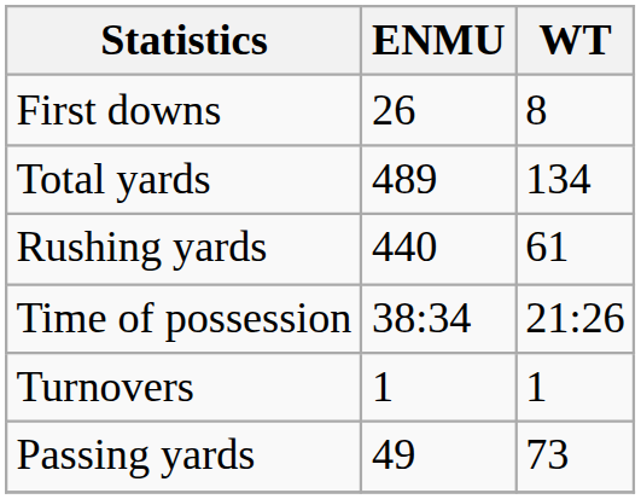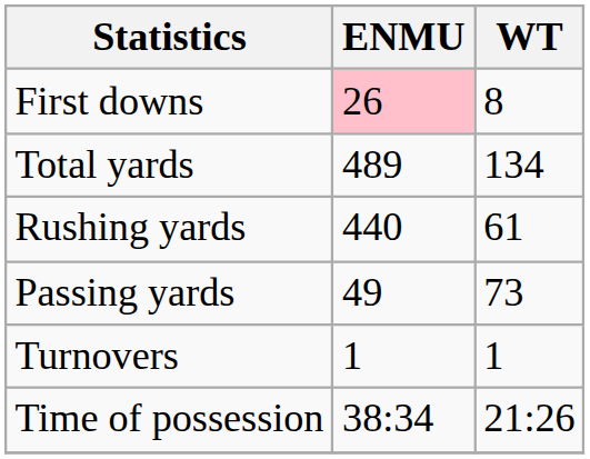 <table class="wikitable">
 <tr>
 <th>Statistics</th>
 <th>ENMU</th>
 <th>WT</th>
 </tr>
 <tr>
 <td>First downs</td>
-<td>26</td>
+<td style="background: pink;">26</td>
 <td>8</td>
 </tr>
 <tr>
 <td>Total yards</td>
 <td>489</td>
 <td>134</td>
 </tr>
 <tr>
 <td>Rushing yards</td>
 <td>440</td>
 <td>61</td>
 </tr>
 <tr>
-<td>Time of possession</td>
-<td>38:34</td>
-<td>21:26</td>
+<td>Passing yards</td>
+<td>49</td>
+<td>73</td>
 </tr>
 <tr>
 <td>Turnovers</td>
 <td>1</td>
 <td>1</td>
 </tr>
 <tr>
-<td>Passing yards</td>
-<td>49</td>
-<td>73</td>
+<td>Time of possession</td>
+<td>38:34</td>
+<td>21:26</td>
 </tr>
 <tr>
 </tr>
 </table>
